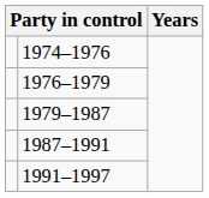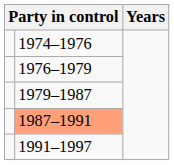 <table class="wikitable">
 <tr>
 <th colspan="2">Party in control</th>
 <th>Years</th>
 </tr>
 <tr>
 <td></td>
 <td>1974–1976</td>
 </tr>
 <tr>
 <td></td>
 <td>1976–1979</td>
 </tr>
 <tr>
 <td></td>
 <td>1979–1987</td>
 </tr>
 <tr>
 <td></td>
-<td>1987–1991</td>
+<td style="background: lightsalmon;">1987–1991</td>
 </tr>
 <tr>
 <td></td>
 <td>1991–1997</td>
 </tr>
 </table>
